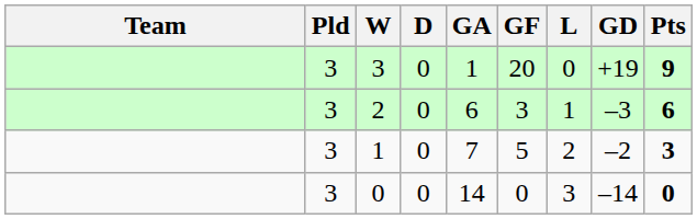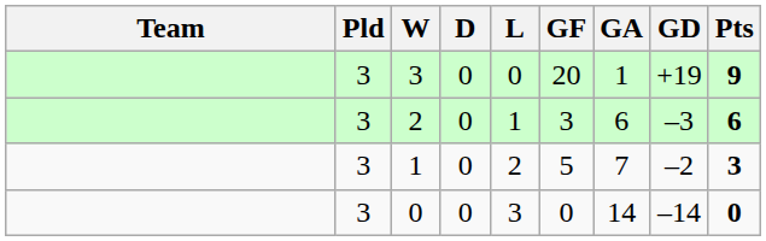 <table class="wikitable" style="text-align:center;">
 <tr>
 <th width=175>Team</th>
 <th width=20 abbr="Played">Pld</th>
 <th width=20 abbr="Won">W</th>
 <th width=20 abbr="Drawn">D</th>
+<th width=20 abbr="Lost">L</th>
+<th width=20 abbr="Goals for">GF</th>
 <th width=20 abbr="Goals against">GA</th>
-<th width=20 abbr="Goals for">GF</th>
-<th width=20 abbr="Lost">L</th>
 <th width=20 abbr="Goal difference">GD</th>
 <th width=20 abbr="Points">Pts</th>
 </tr>
 <tr style="background:#ccffcc;">
 <td style="text-align:left;"></td>
 <td>3</td>
 <td>3</td>
 <td>0</td>
+<td>0</td>
+<td>20</td>
 <td>1</td>
-<td>20</td>
-<td>0</td>
 <td>+19</td>
 <td><strong>9</strong></td>
 </tr>
 <tr style="background:#ccffcc;">
 <td style="text-align:left;"></td>
 <td>3</td>
 <td>2</td>
 <td>0</td>
+<td>1</td>
+<td>3</td>
 <td>6</td>
-<td>3</td>
-<td>1</td>
 <td>–3</td>
 <td><strong>6</strong></td>
 </tr>
 <tr>
 <td style="text-align:left;"></td>
 <td>3</td>
 <td>1</td>
 <td>0</td>
+<td>2</td>
+<td>5</td>
 <td>7</td>
-<td>5</td>
-<td>2</td>
 <td>–2</td>
 <td><strong>3</strong></td>
 </tr>
 <tr>
 <td style="text-align:left;"></td>
 <td>3</td>
 <td>0</td>
 <td>0</td>
+<td>3</td>
+<td>0</td>
 <td>14</td>
-<td>0</td>
-<td>3</td>
 <td>–14</td>
 <td><strong>0</strong></td>
 </tr>
 </table>
